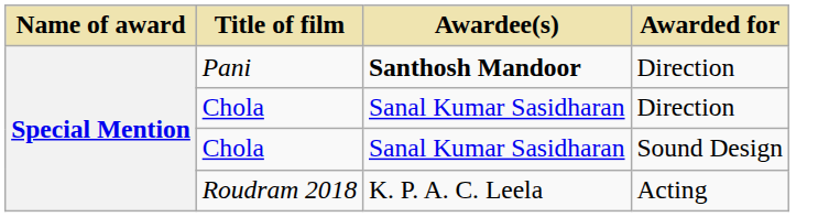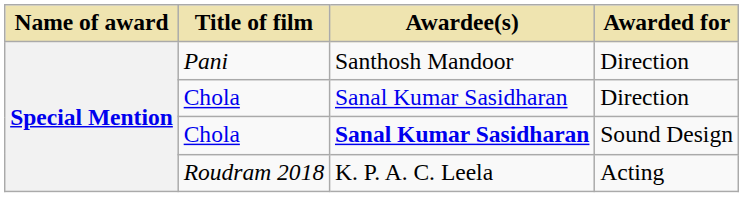 <table class="wikitable plainrowheaders">
 <tr>
 <th style="background-color:#EFE4B0">Name of award</th>
 <th style="background-color:#EFE4B0">Title of film</th>
 <th style="background-color:#EFE4B0">Awardee(s)</th>
 <th style="background-color:#EFE4B0" class="unsortable">Awarded for</th>
 </tr>
 <tr>
 <th scope="row" rowspan="4"><a href='#'>Special Mention</a></th>
 <td><em>Pani</em></td>
-<td><strong>Santhosh Mandoor</strong></td>
+<td>Santhosh Mandoor</td>
 <td>Direction</td>
 </tr>
 <tr>
 <td><a href='#'>Chola</a></td>
 <td><a href='#'>Sanal Kumar Sasidharan</a></td>
 <td>Direction</td>
 </tr>
 <tr>
 <td><a href='#'>Chola</a></td>
-<td><a href='#'>Sanal Kumar Sasidharan</a></td>
+<td><strong><a href='#'>Sanal Kumar Sasidharan</a></strong></td>
 <td>Sound Design</td>
 </tr>
 <tr>
 <td><em>Roudram 2018</em></td>
 <td>K. P. A. C. Leela</td>
 <td>Acting</td>
 </tr>
 </table>
